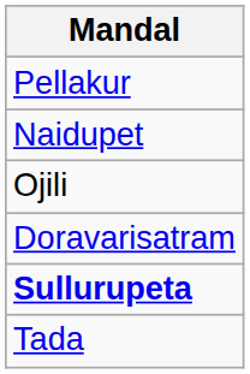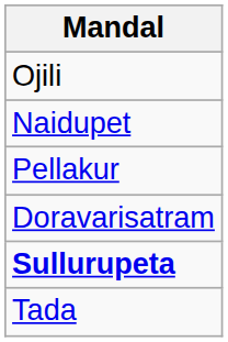 <table class="wikitable sortable static-row-numbers static-row-header-hash">
 <tr>
 <th>Mandal</th>
 </tr>
 <tr>
-<td><a href='#'>Pellakur</a></td>
+<td>Ojili</td>
 </tr>
 <tr>
 <td><a href='#'>Naidupet</a></td>
 </tr>
 <tr>
-<td>Ojili</td>
+<td><a href='#'>Pellakur</a></td>
 </tr>
 <tr>
 <td><a href='#'>Doravarisatram</a></td>
 </tr>
 <tr>
 <td><strong><a href='#'>Sullurupeta</a></strong></td>
 </tr>
 <tr>
 <td><a href='#'>Tada</a></td>
 </tr>
 </table>
